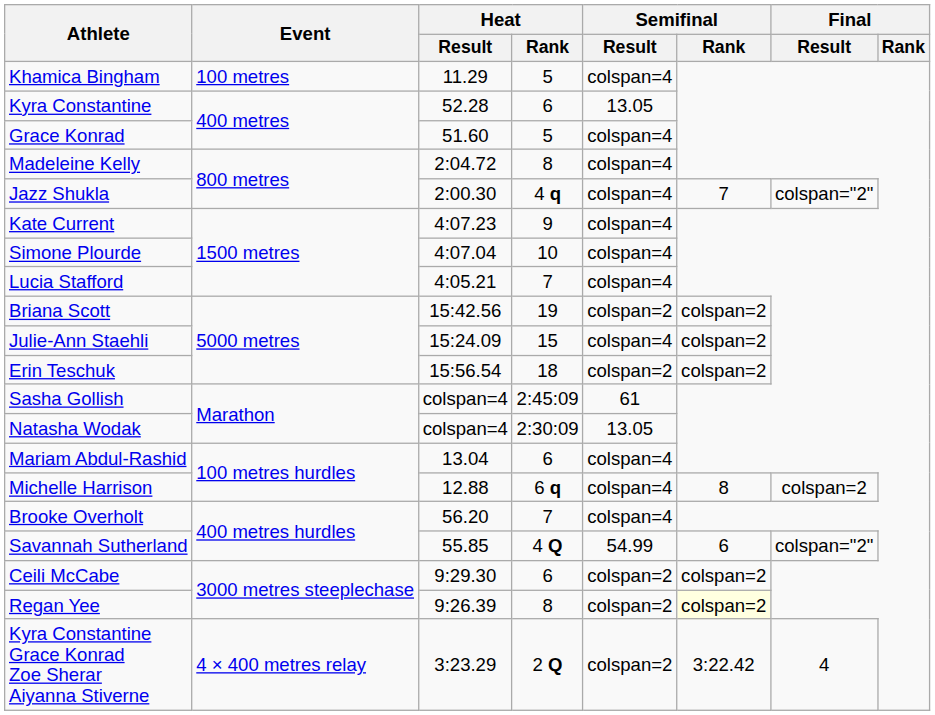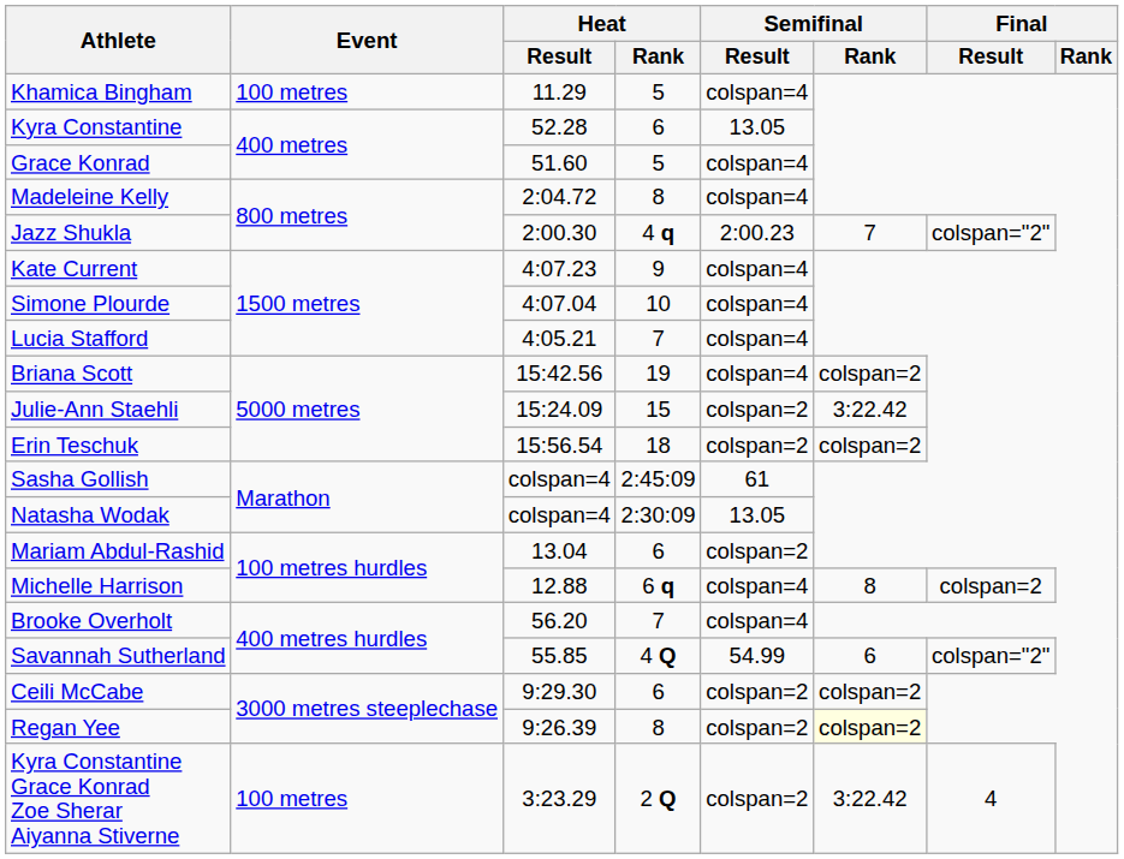 <table class="wikitable" style="font-size:90%">
 <tr>
 <th rowspan="2">Athlete</th>
 <th rowspan="2">Event</th>
 <th colspan="2">Heat</th>
 <th colspan="2">Semifinal</th>
 <th colspan="2">Final</th>
 </tr>
 <tr style="font-size:95%">
 <th>Result</th>
 <th>Rank</th>
 <th>Result</th>
 <th>Rank</th>
 <th>Result</th>
 <th>Rank</th>
 </tr>
 <tr align=center>
 <td align=left><a href='#'>Khamica Bingham</a></td>
 <td align=left><a href='#'>100 metres</a></td>
 <td>11.29</td>
 <td>5</td>
 <td>colspan=4 </td>
 </tr>
 <tr align=center>
 <td align=left><a href='#'>Kyra Constantine</a></td>
 <td align=left rowspan=2><a href='#'>400 metres</a></td>
 <td>52.28</td>
 <td>6</td>
 <td>13.05</td>
 </tr>
 <tr align=center>
 <td align=left><a href='#'>Grace Konrad</a></td>
 <td>51.60 </td>
 <td>5</td>
 <td>colspan=4 </td>
 </tr>
 <tr align=center>
 <td align=left><a href='#'>Madeleine Kelly</a></td>
 <td align=left rowspan=2><a href='#'>800 metres</a></td>
 <td>2:04.72</td>
 <td>8</td>
 <td>colspan=4 </td>
 </tr>
 <tr align=center>
 <td align=left><a href='#'>Jazz Shukla</a></td>
 <td>2:00.30 </td>
 <td>4 <strong>q</strong></td>
-<td>colspan=4 </td>
+<td>2:00.23 </td>
 <td>7</td>
 <td>colspan="2" </td>
 </tr>
 <tr align=center>
 <td align=left><a href='#'>Kate Current</a></td>
 <td align=left rowspan=3><a href='#'>1500 metres</a></td>
 <td>4:07.23 </td>
 <td>9</td>
 <td>colspan=4 </td>
 </tr>
 <tr align=center>
 <td align=left><a href='#'>Simone Plourde</a></td>
 <td>4:07.04</td>
 <td>10</td>
 <td>colspan=4 </td>
 </tr>
 <tr align=center>
 <td align=left><a href='#'>Lucia Stafford</a></td>
 <td>4:05.21</td>
 <td>7</td>
 <td>colspan=4 </td>
 </tr>
 <tr align=center>
 <td align=left><a href='#'>Briana Scott</a></td>
 <td align=left rowspan=3><a href='#'>5000 metres</a></td>
 <td>15:42.56</td>
 <td>19</td>
-<td>colspan=2</td>
+<td>colspan=4 </td>
 <td>colspan=2 </td>
 </tr>
 <tr align=center>
 <td align=left><a href='#'>Julie-Ann Staehli</a></td>
 <td>15:24.09</td>
 <td>15</td>
-<td>colspan=4 </td>
-<td>colspan=2 </td>
+<td>colspan=2</td>
+<td>3:22.42 </td>
 </tr>
 <tr align=center>
 <td align=left><a href='#'>Erin Teschuk</a></td>
 <td>15:56.54</td>
 <td>18</td>
 <td>colspan=2</td>
 <td>colspan=2 </td>
 </tr>
 <tr align=center>
 <td align=left><a href='#'>Sasha Gollish</a></td>
 <td align=left rowspan=2><a href='#'>Marathon</a></td>
 <td>colspan=4</td>
 <td>2:45:09 </td>
 <td>61</td>
 </tr>
 <tr align=center>
 <td align=left><a href='#'>Natasha Wodak</a></td>
 <td>colspan=4</td>
 <td>2:30:09 </td>
 <td>13.05</td>
 </tr>
 <tr align=center>
 <td align=left><a href='#'>Mariam Abdul-Rashid</a></td>
 <td align=left rowspan=2><a href='#'>100 metres hurdles</a></td>
 <td>13.04</td>
 <td>6</td>
-<td>colspan=4 </td>
+<td>colspan=2</td>
 </tr>
 <tr align=center>
 <td align=left><a href='#'>Michelle Harrison</a></td>
 <td>12.88</td>
 <td>6 <strong>q</strong></td>
 <td>colspan=4 </td>
 <td>8</td>
 <td>colspan=2 </td>
 </tr>
 <tr align=center>
 <td align=left><a href='#'>Brooke Overholt</a></td>
 <td align=left rowspan=2><a href='#'>400 metres hurdles</a></td>
 <td>56.20</td>
 <td>7</td>
 <td>colspan=4 </td>
 </tr>
 <tr align=center>
 <td align=left><a href='#'>Savannah Sutherland</a></td>
 <td>55.85</td>
 <td>4 <strong>Q</strong></td>
 <td>54.99</td>
 <td>6</td>
 <td>colspan="2" </td>
 </tr>
 <tr align=center>
 <td align=left><a href='#'>Ceili McCabe</a></td>
 <td align=left rowspan=2><a href='#'>3000 metres steeplechase</a></td>
 <td>9:29.30</td>
 <td>6</td>
 <td>colspan=2</td>
 <td>colspan=2 </td>
 </tr>
 <tr align=center>
 <td align=left><a href='#'>Regan Yee</a></td>
 <td>9:26.39</td>
 <td>8</td>
 <td>colspan=2</td>
 <td style="background: lightyellow;">colspan=2 </td>
 </tr>
 <tr align=center>
 <td align=left><a href='#'>Kyra Constantine</a><br><a href='#'>Grace Konrad</a><br><a href='#'>Zoe Sherar</a><br> <a href='#'>Aiyanna Stiverne</a></td>
-<td align=left><a href='#'>4 × 400 metres relay</a></td>
+<td align=left><a href='#'>100 metres</a></td>
 <td>3:23.29 </td>
 <td>2 <strong>Q</strong></td>
 <td>colspan=2</td>
 <td>3:22.42 </td>
 <td>4</td>
 </tr>
 </table>
